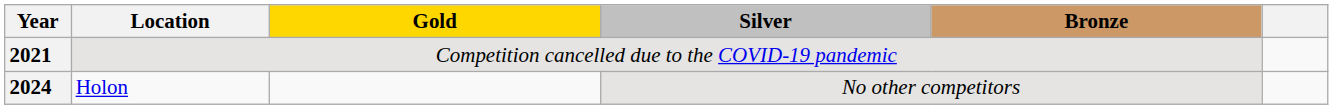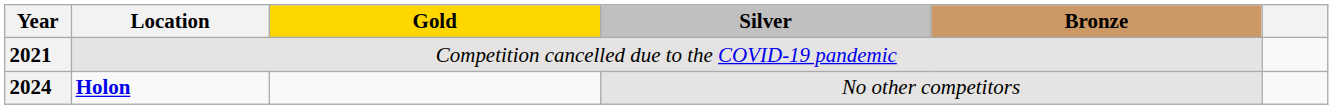 <table class="wikitable unsortable" style="text-align:left; width:80%">
 <tr>
 <th scope="col" style="text-align:center; width:5%">Year</th>
 <th scope="col" style="text-align:center; width:15%">Location</th>
 <td scope="col" style="text-align:center; width:25%; background:gold"><strong>Gold</strong></td>
 <td scope="col" style="text-align:center; width:25%; background:silver"><strong>Silver</strong></td>
 <td scope="col" style="text-align:center; width:25%; background:#c96"><strong>Bronze</strong></td>
 <th scope="col" style="text-align:center; width:5%"></th>
 </tr>
 <tr>
 <th scope="row" style="text-align:left">2021</th>
 <td colspan="4" align="center" bgcolor="e5e4e2"><em>Competition cancelled due to the <a href='#'>COVID-19 pandemic</a></em></td>
 <td></td>
 </tr>
 <tr>
 <th scope="row" style="text-align:left">2024</th>
-<td><a href='#'>Holon</a></td>
+<td><strong><a href='#'>Holon</a></strong></td>
 <td></td>
 <td colspan="2" align="center" bgcolor="e5e4e2"><em>No other competitors</em></td>
 <td></td>
 </tr>
 </table>
